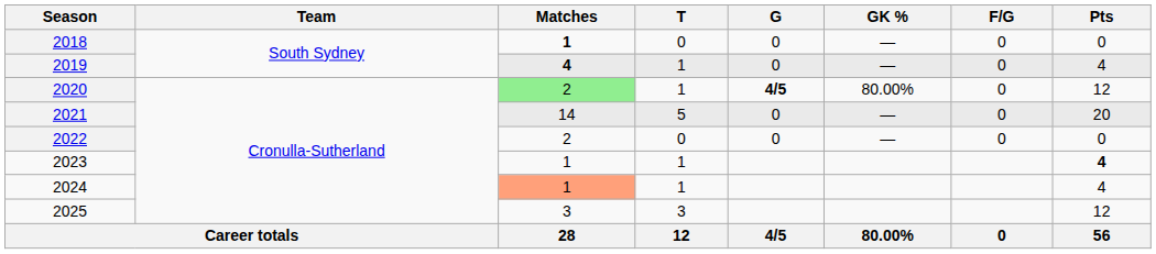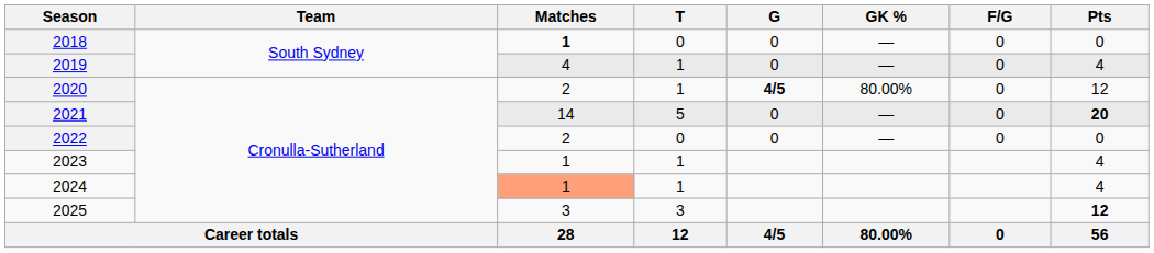 <table class="wikitable sortable"  style="font-size:90%; text-align:center; width:85%;">
 <tr>
 <th width=2%>Season</th>
 <th width=8%>Team</th>
 <th width=2%>Matches</th>
 <th width=2%>T</th>
 <th width=2%>G</th>
 <th width=2%>GK %</th>
 <th width=2%>F/G</th>
 <th width=2%>Pts</th>
 </tr>
 <tr>
 <th scope="row" style="text-align:center; font-weight:normal"><a href='#'>2018</a></th>
 <td rowspan="2" style="text-align:center;"> <a href='#'>South Sydney</a></td>
 <td><strong>1</strong></td>
 <td>0</td>
 <td>0</td>
 <td>—</td>
 <td>0</td>
 <td>0</td>
 </tr>
 <tr style="background:#eaeaea;">
 <th scope="row" style="text-align:center; font-weight:normal"><a href='#'>2019</a></th>
-<td><strong>4</strong></td>
+<td>4</td>
 <td>1</td>
 <td>0</td>
 <td>—</td>
 <td>0</td>
 <td>4</td>
 </tr>
 <tr>
 <th scope="row" style="text-align:center; font-weight:normal"><a href='#'>2020</a></th>
 <td rowspan="6" style="text-align:center;"> <a href='#'>Cronulla-Sutherland</a></td>
-<td style="background: lightgreen;">2</td>
+<td>2</td>
 <td>1</td>
 <td><strong>4/5</strong></td>
 <td>80.00%</td>
 <td>0</td>
 <td>12</td>
 </tr>
 <tr style="background:#eaeaea;">
 <th scope="row" style="text-align:center; font-weight:normal"><a href='#'>2021</a></th>
 <td>14</td>
 <td>5</td>
 <td>0</td>
 <td>—</td>
 <td>0</td>
-<td>20</td>
+<td><strong>20</strong></td>
 </tr>
 <tr>
 <th scope="row" style="text-align:center; font-weight:normal"><a href='#'>2022</a></th>
 <td>2</td>
 <td>0</td>
 <td>0</td>
 <td>—</td>
 <td>0</td>
 <td>0</td>
 </tr>
 <tr>
 <td>2023</td>
 <td>1</td>
 <td>1</td>
 <td></td>
 <td></td>
 <td></td>
-<td><strong>4</strong></td>
+<td>4</td>
 </tr>
 <tr>
 <td>2024</td>
 <td style="background: lightsalmon;">1</td>
 <td>1</td>
 <td></td>
 <td></td>
 <td></td>
 <td>4</td>
 </tr>
 <tr>
 <td>2025</td>
 <td>3</td>
 <td>3</td>
 <td></td>
 <td></td>
 <td></td>
-<td>12</td>
+<td><strong>12</strong></td>
 </tr>
 <tr class="sortbottom">
 <th colspan="2">Career totals</th>
 <th>28</th>
 <th>12</th>
 <th>4/5</th>
 <th>80.00%</th>
 <th>0</th>
 <th>56</th>
 </tr>
 </table>
